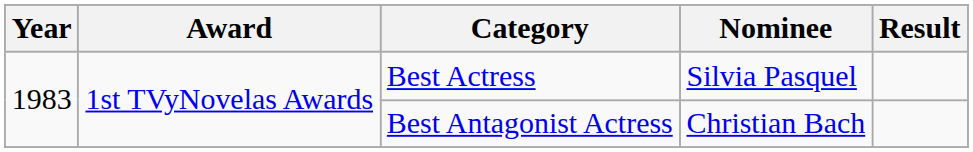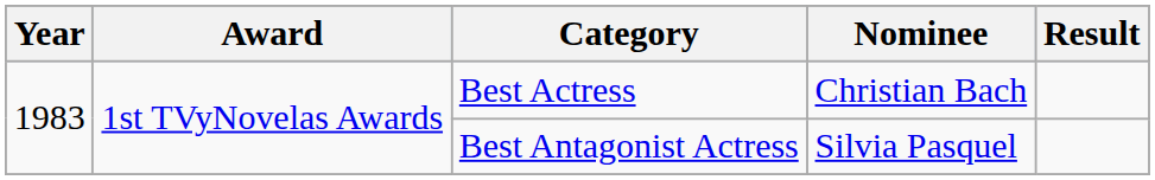 <table class="wikitable">
 <tr style="background:#b0c4de;">
 <th>Year</th>
 <th>Award</th>
 <th>Category</th>
 <th>Nominee</th>
 <th>Result</th>
 </tr>
 <tr>
 <td rowspan=2>1983</td>
 <td rowspan=2><a href='#'>1st TVyNovelas Awards</a></td>
 <td><a href='#'>Best Actress</a></td>
-<td><a href='#'>Silvia Pasquel</a></td>
+<td><a href='#'>Christian Bach</a></td>
 <td></td>
 </tr>
 <tr>
 <td><a href='#'>Best Antagonist Actress</a></td>
-<td><a href='#'>Christian Bach</a></td>
+<td><a href='#'>Silvia Pasquel</a></td>
 <td></td>
 </tr>
 </table>
